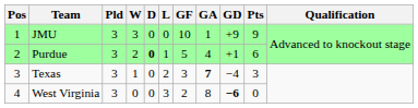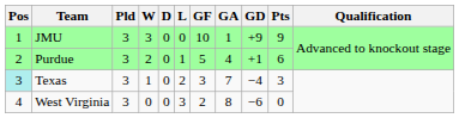 <table class="wikitable" style="text-align:center">
 <tr>
 <th>Pos</th>
 <th>Team</th>
 <th>Pld</th>
 <th>W</th>
 <th>D</th>
 <th>L</th>
 <th>GF</th>
 <th>GA</th>
 <th>GD</th>
 <th>Pts</th>
 <th>Qualification</th>
 </tr>
 <tr bgcolor="#9eff9e">
 <td>1</td>
 <td style="text-align:left">JMU</td>
 <td>3</td>
 <td>3</td>
 <td>0</td>
 <td>0</td>
 <td>10</td>
 <td>1</td>
 <td>+9</td>
 <td>9</td>
 <td rowspan="2">Advanced to knockout stage</td>
 </tr>
 <tr bgcolor="#9eff9e">
 <td>2</td>
 <td style="text-align:left">Purdue</td>
 <td>3</td>
 <td>2</td>
-<td><strong>0</strong></td>
+<td>0</td>
 <td>1</td>
 <td>5</td>
 <td>4</td>
 <td>+1</td>
 <td>6</td>
 </tr>
 <tr>
-<td>3</td>
+<td style="background: paleturquoise;">3</td>
 <td style="text-align:left">Texas</td>
 <td>3</td>
 <td>1</td>
 <td>0</td>
 <td>2</td>
 <td>3</td>
-<td><strong>7</strong></td>
+<td>7</td>
 <td>−4</td>
 <td>3</td>
 <td rowspan="2"></td>
 </tr>
 <tr>
 <td>4</td>
 <td style="text-align:left">West Virginia</td>
 <td>3</td>
 <td>0</td>
 <td>0</td>
 <td>3</td>
 <td>2</td>
 <td>8</td>
-<td><strong>−6</strong></td>
+<td>−6</td>
 <td>0</td>
 </tr>
 </table>
